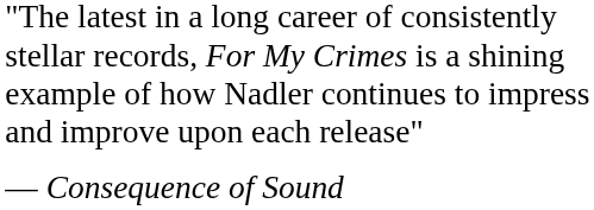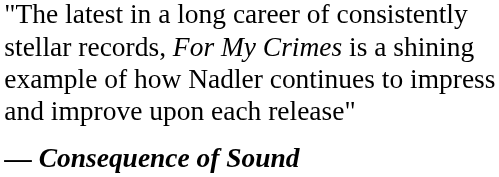 <table class="toccolours" style="float: right; margin-left: 1em; margin-right: 0em; font-size: 85%; background:offwhite; color:black; width:20em; max-width: 40%;" cellspacing="5">
 <tr>
 <td style="text-align: left;">"The latest in a long career of consistently stellar records, <em>For My Crimes</em> is a shining example of how Nadler continues to impress and improve upon each release"</td>
 </tr>
 <tr>
-<td style="text-align: left;">— <em>Consequence of Sound</em></td>
+<td style="text-align: left;"><strong>— <em>Consequence of Sound</em></strong></td>
 </tr>
 </table>
